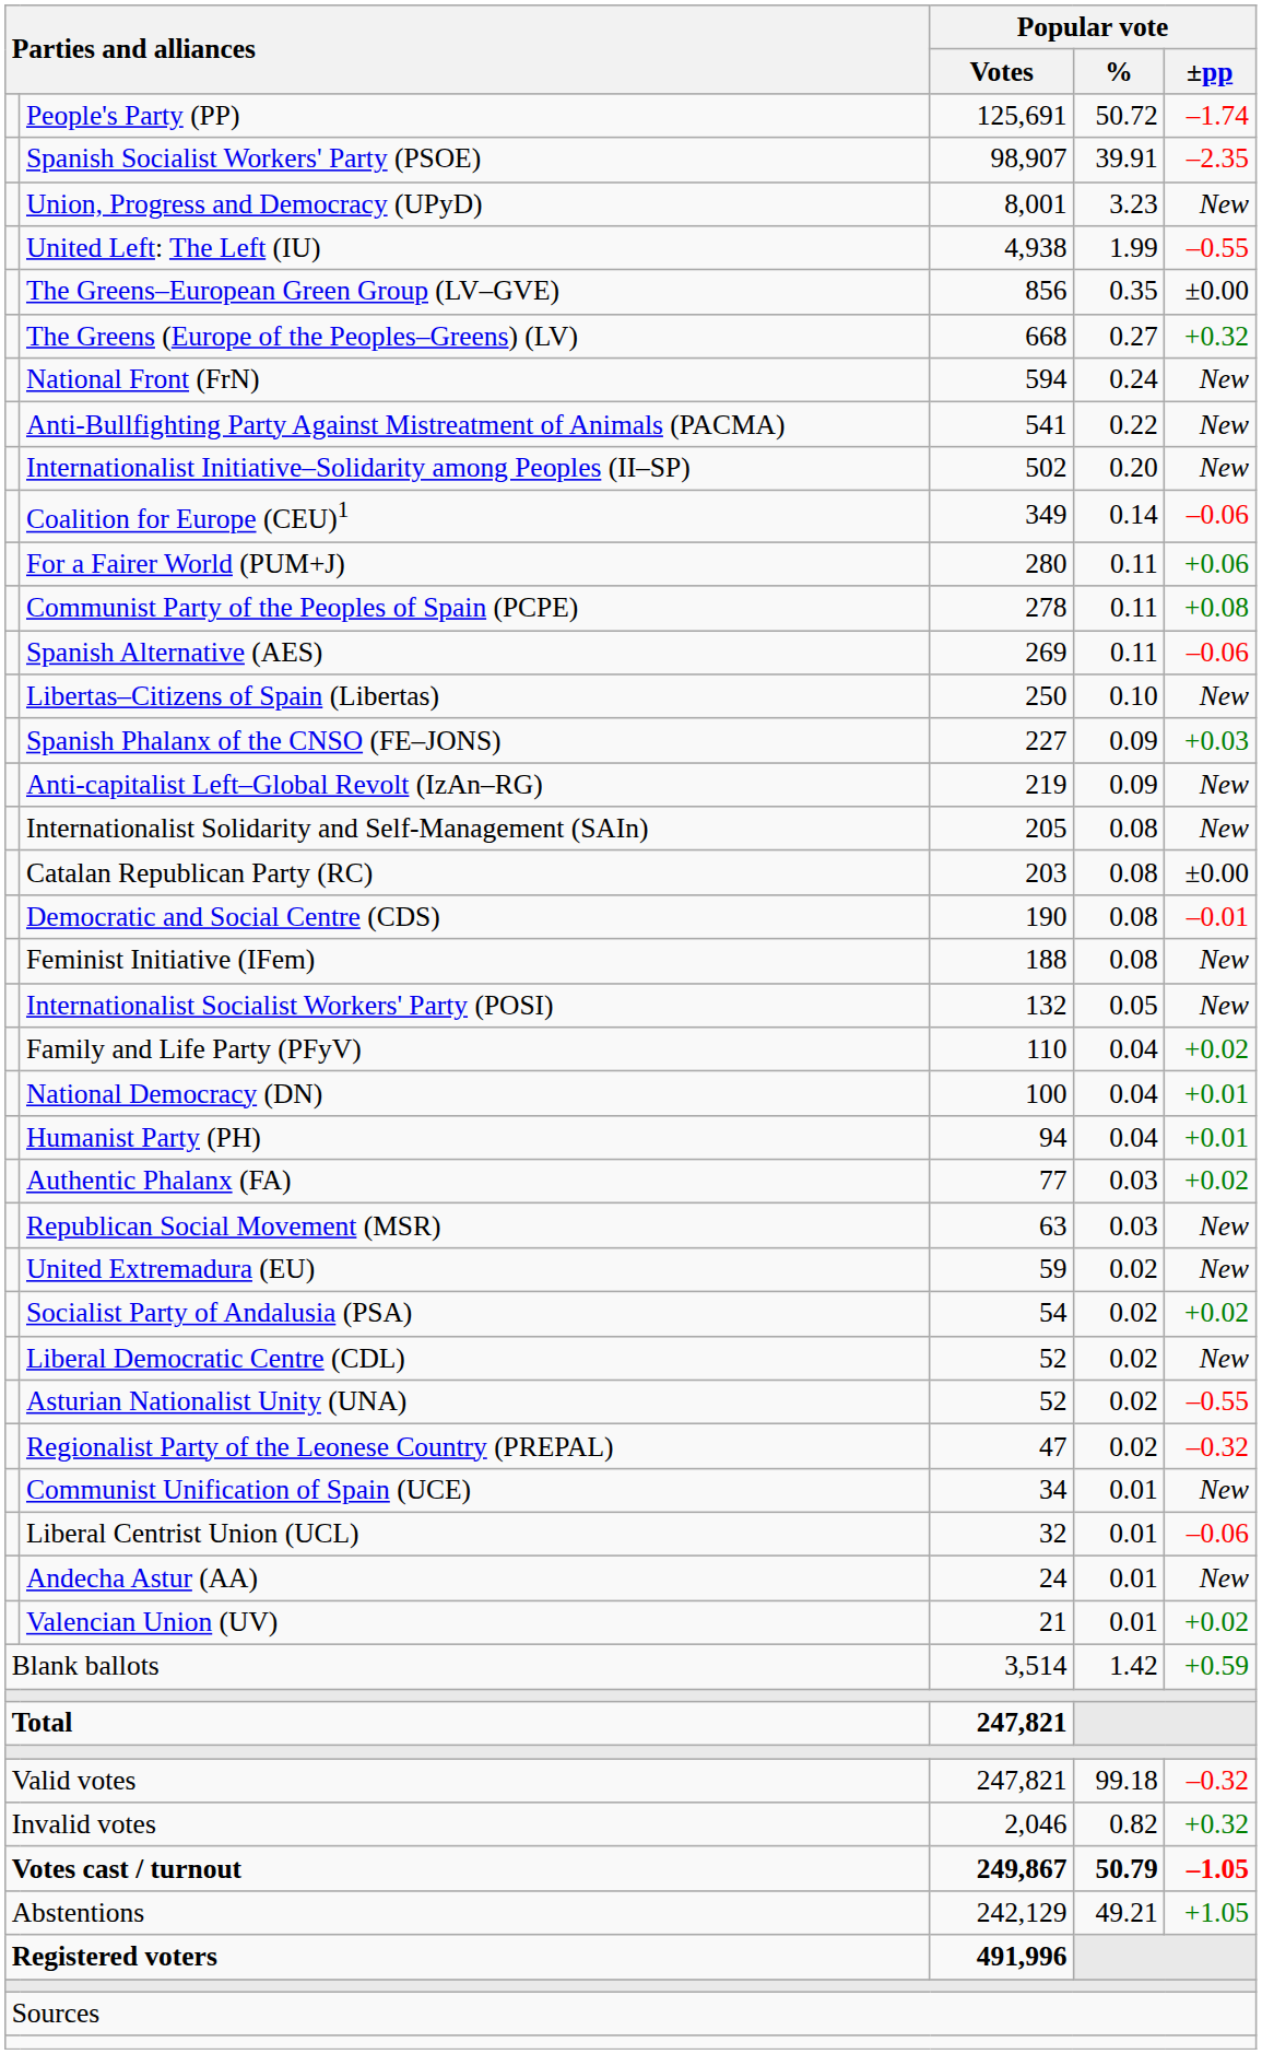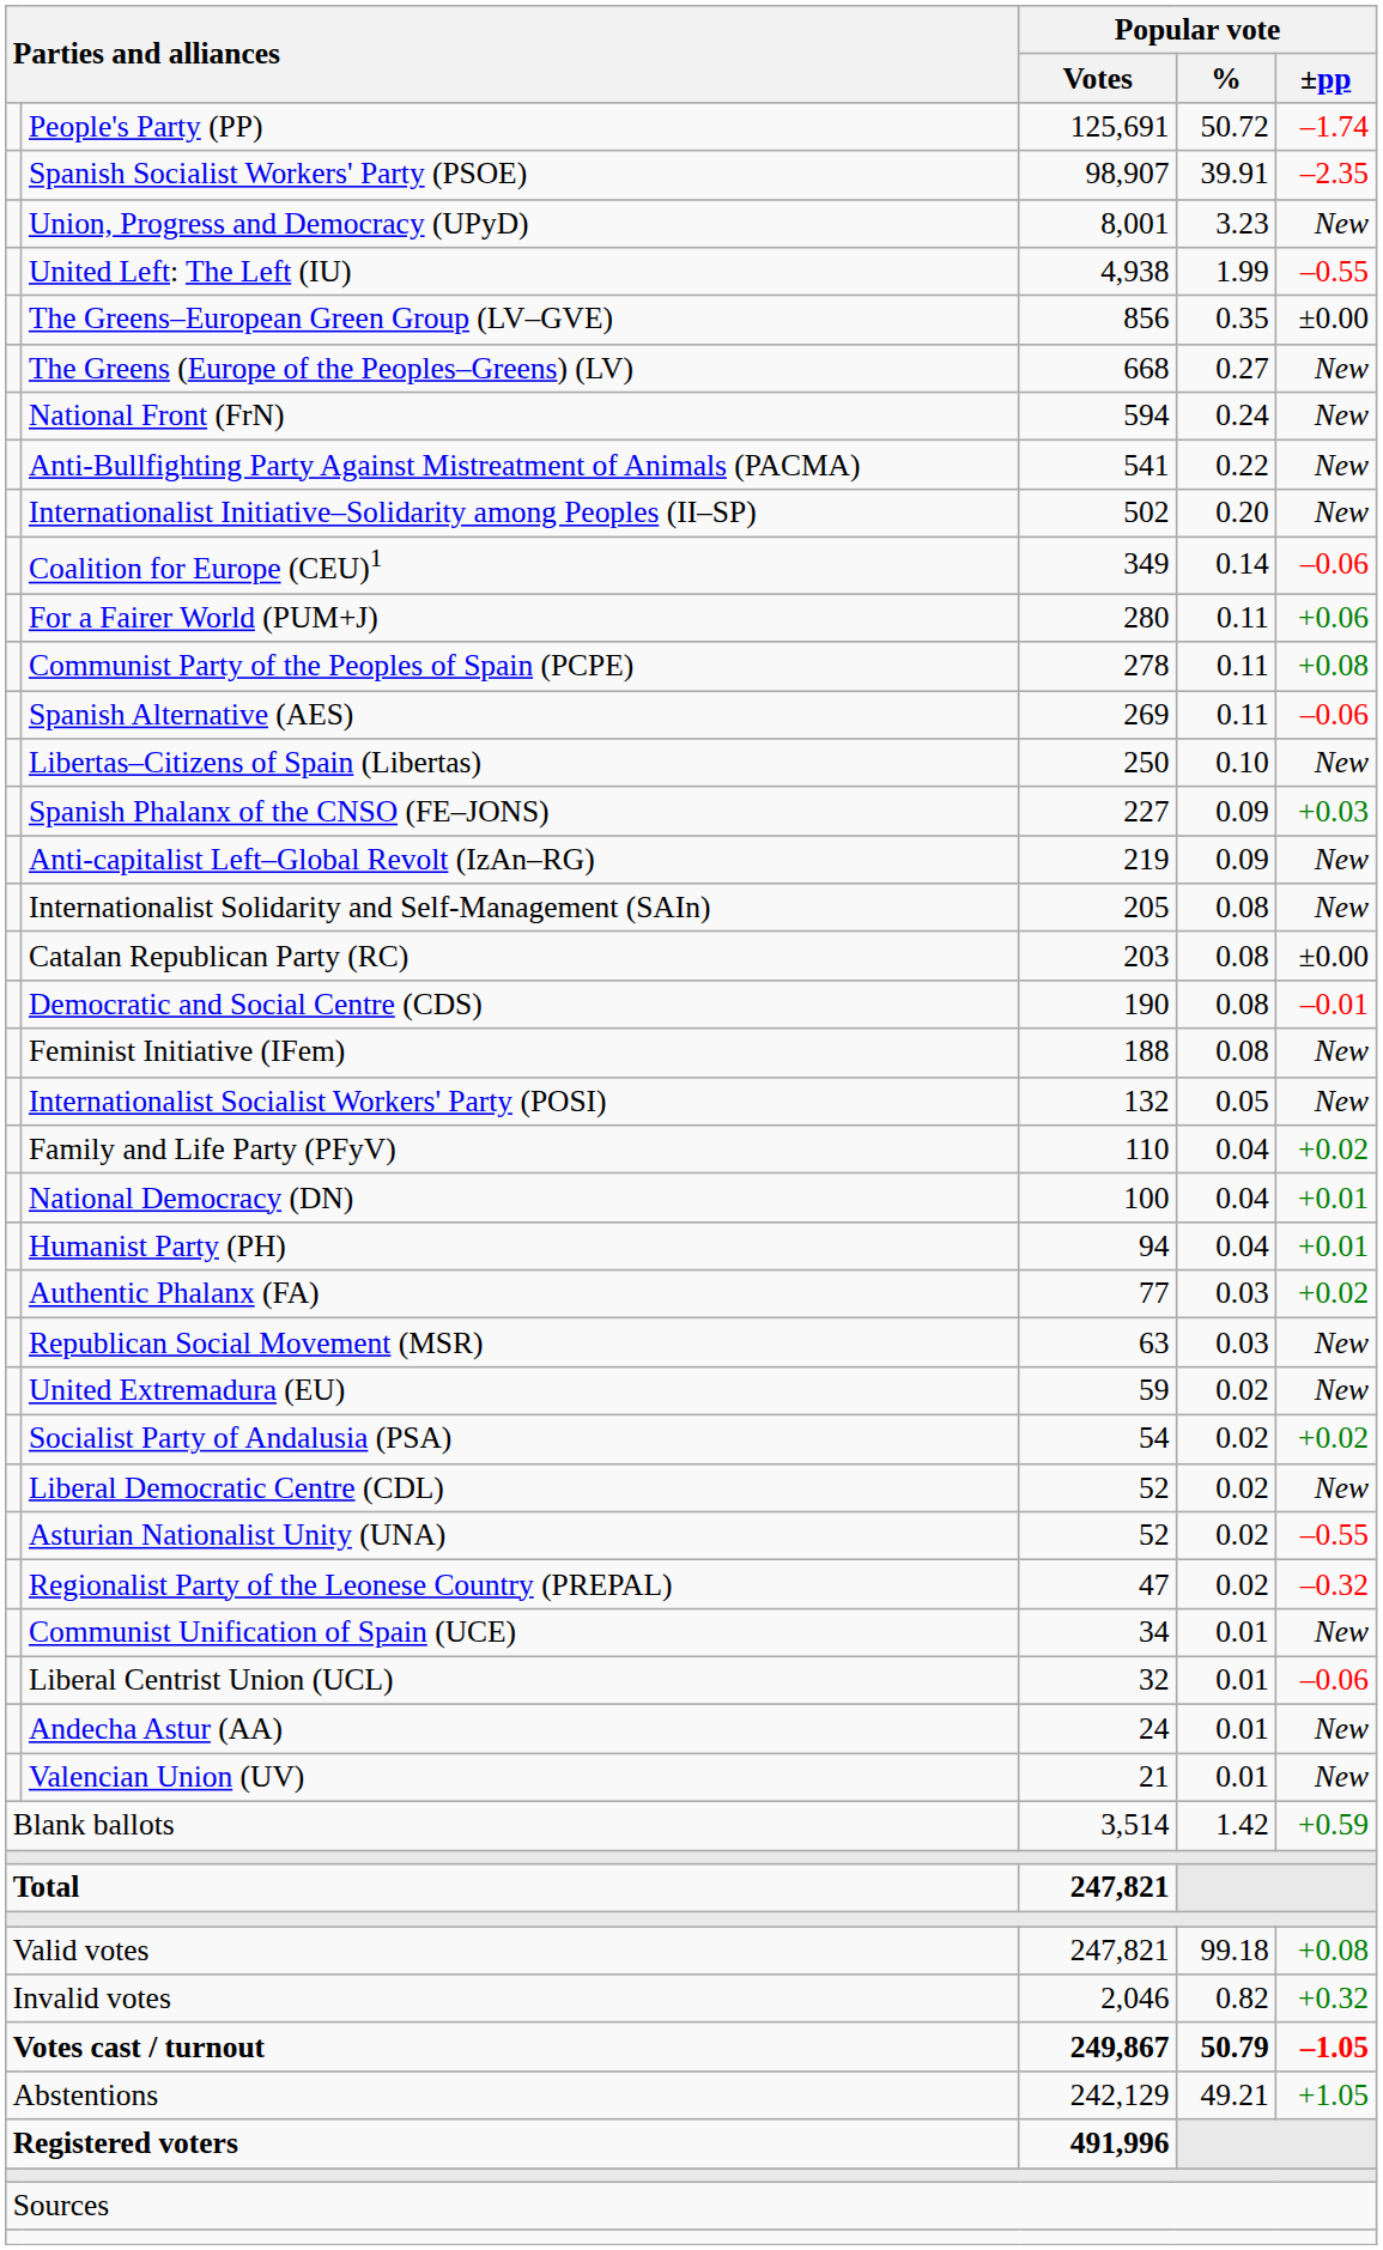 <table class="wikitable" style="text-align:right">
 <tr>
 <th style="text-align:left;" rowspan="2" colspan="2" width="525">Parties and alliances</th>
 <th colspan="3">Popular vote</th>
 </tr>
 <tr>
 <th width="75">Votes</th>
 <th width="45">%</th>
 <th width="45">±<a href='#'>pp</a></th>
 </tr>
 <tr>
 <td width="1" style="color:inherit;background:"></td>
 <td align="left"><a href='#'>People's Party</a> (PP)</td>
 <td>125,691</td>
 <td>50.72</td>
 <td style="color:red;">–1.74</td>
 </tr>
 <tr>
 <td style="color:inherit;background:"></td>
 <td align="left"><a href='#'>Spanish Socialist Workers' Party</a> (PSOE)</td>
 <td>98,907</td>
 <td>39.91</td>
 <td style="color:red;">–2.35</td>
 </tr>
 <tr>
 <td style="color:inherit;background:"></td>
 <td align="left"><a href='#'>Union, Progress and Democracy</a> (UPyD)</td>
 <td>8,001</td>
 <td>3.23</td>
 <td><em>New</em></td>
 </tr>
 <tr>
 <td style="color:inherit;background:"></td>
 <td align="left"><a href='#'>United Left</a>: <a href='#'>The Left</a> (IU)</td>
 <td>4,938</td>
 <td>1.99</td>
 <td style="color:red;">–0.55</td>
 </tr>
 <tr>
 <td style="color:inherit;background:"></td>
 <td align="left"><a href='#'>The Greens–European Green Group</a> (LV–GVE)</td>
 <td>856</td>
 <td>0.35</td>
 <td>±0.00</td>
 </tr>
 <tr>
 <td style="color:inherit;background:"></td>
 <td align="left"><a href='#'>The Greens</a> (<a href='#'>Europe of the Peoples–Greens</a>) (LV)</td>
 <td>668</td>
 <td>0.27</td>
-<td style="color:green;">+0.32</td>
+<td><em>New</em></td>
 </tr>
 <tr>
 <td style="color:inherit;background:"></td>
 <td align="left"><a href='#'>National Front</a> (FrN)</td>
 <td>594</td>
 <td>0.24</td>
 <td><em>New</em></td>
 </tr>
 <tr>
 <td style="color:inherit;background:"></td>
 <td align="left"><a href='#'>Anti-Bullfighting Party Against Mistreatment of Animals</a> (PACMA)</td>
 <td>541</td>
 <td>0.22</td>
 <td><em>New</em></td>
 </tr>
 <tr>
 <td style="color:inherit;background:"></td>
 <td align="left"><a href='#'>Internationalist Initiative–Solidarity among Peoples</a> (II–SP)</td>
 <td>502</td>
 <td>0.20</td>
 <td><em>New</em></td>
 </tr>
 <tr>
 <td style="color:inherit;background:"></td>
 <td align="left"><a href='#'>Coalition for Europe</a> (CEU)<sup>1</sup></td>
 <td>349</td>
 <td>0.14</td>
 <td style="color:red;">–0.06</td>
 </tr>
 <tr>
 <td style="color:inherit;background:"></td>
 <td align="left"><a href='#'>For a Fairer World</a> (PUM+J)</td>
 <td>280</td>
 <td>0.11</td>
 <td style="color:green;">+0.06</td>
 </tr>
 <tr>
 <td style="color:inherit;background:"></td>
 <td align="left"><a href='#'>Communist Party of the Peoples of Spain</a> (PCPE)</td>
 <td>278</td>
 <td>0.11</td>
 <td style="color:green;">+0.08</td>
 </tr>
 <tr>
 <td style="color:inherit;background:"></td>
 <td align="left"><a href='#'>Spanish Alternative</a> (AES)</td>
 <td>269</td>
 <td>0.11</td>
 <td style="color:red;">–0.06</td>
 </tr>
 <tr>
 <td style="color:inherit;background:"></td>
 <td align="left"><a href='#'>Libertas–Citizens of Spain</a> (Libertas)</td>
 <td>250</td>
 <td>0.10</td>
 <td><em>New</em></td>
 </tr>
 <tr>
 <td style="color:inherit;background:"></td>
 <td align="left"><a href='#'>Spanish Phalanx of the CNSO</a> (FE–JONS)</td>
 <td>227</td>
 <td>0.09</td>
 <td style="color:green;">+0.03</td>
 </tr>
 <tr>
 <td style="color:inherit;background:"></td>
 <td align="left"><a href='#'>Anti-capitalist Left–Global Revolt</a> (IzAn–RG)</td>
 <td>219</td>
 <td>0.09</td>
 <td><em>New</em></td>
 </tr>
 <tr>
 <td style="color:inherit;background:"></td>
 <td align="left">Internationalist Solidarity and Self-Management (SAIn)</td>
 <td>205</td>
 <td>0.08</td>
 <td><em>New</em></td>
 </tr>
 <tr>
 <td style="color:inherit;background:"></td>
 <td align="left">Catalan Republican Party (RC)</td>
 <td>203</td>
 <td>0.08</td>
 <td>±0.00</td>
 </tr>
 <tr>
 <td style="color:inherit;background:"></td>
 <td align="left"><a href='#'>Democratic and Social Centre</a> (CDS)</td>
 <td>190</td>
 <td>0.08</td>
 <td style="color:red;">–0.01</td>
 </tr>
 <tr>
 <td style="color:inherit;background:"></td>
 <td align="left">Feminist Initiative (IFem)</td>
 <td>188</td>
 <td>0.08</td>
 <td><em>New</em></td>
 </tr>
 <tr>
 <td style="color:inherit;background:"></td>
 <td align="left"><a href='#'>Internationalist Socialist Workers' Party</a> (POSI)</td>
 <td>132</td>
 <td>0.05</td>
 <td><em>New</em></td>
 </tr>
 <tr>
 <td style="color:inherit;background:"></td>
 <td align="left">Family and Life Party (PFyV)</td>
 <td>110</td>
 <td>0.04</td>
 <td style="color:green;">+0.02</td>
 </tr>
 <tr>
 <td style="color:inherit;background:"></td>
 <td align="left"><a href='#'>National Democracy</a> (DN)</td>
 <td>100</td>
 <td>0.04</td>
 <td style="color:green;">+0.01</td>
 </tr>
 <tr>
 <td style="color:inherit;background:"></td>
 <td align="left"><a href='#'>Humanist Party</a> (PH)</td>
 <td>94</td>
 <td>0.04</td>
 <td style="color:green;">+0.01</td>
 </tr>
 <tr>
 <td style="color:inherit;background:"></td>
 <td align="left"><a href='#'>Authentic Phalanx</a> (FA)</td>
 <td>77</td>
 <td>0.03</td>
 <td style="color:green;">+0.02</td>
 </tr>
 <tr>
 <td style="color:inherit;background:"></td>
 <td align="left"><a href='#'>Republican Social Movement</a> (MSR)</td>
 <td>63</td>
 <td>0.03</td>
 <td><em>New</em></td>
 </tr>
 <tr>
 <td style="color:inherit;background:"></td>
 <td align="left"><a href='#'>United Extremadura</a> (EU)</td>
 <td>59</td>
 <td>0.02</td>
 <td><em>New</em></td>
 </tr>
 <tr>
 <td style="color:inherit;background:"></td>
 <td align="left"><a href='#'>Socialist Party of Andalusia</a> (PSA)</td>
 <td>54</td>
 <td>0.02</td>
 <td style="color:green;">+0.02</td>
 </tr>
 <tr>
 <td style="color:inherit;background:"></td>
 <td align="left"><a href='#'>Liberal Democratic Centre</a> (CDL)</td>
 <td>52</td>
 <td>0.02</td>
 <td><em>New</em></td>
 </tr>
 <tr>
 <td style="color:inherit;background:"></td>
 <td align="left"><a href='#'>Asturian Nationalist Unity</a> (UNA)</td>
 <td>52</td>
 <td>0.02</td>
 <td style="color:red;">–0.55</td>
 </tr>
 <tr>
 <td style="color:inherit;background:"></td>
 <td align="left"><a href='#'>Regionalist Party of the Leonese Country</a> (PREPAL)</td>
 <td>47</td>
 <td>0.02</td>
 <td style="color:red;">–0.32</td>
 </tr>
 <tr>
 <td style="color:inherit;background:"></td>
 <td align="left"><a href='#'>Communist Unification of Spain</a> (UCE)</td>
 <td>34</td>
 <td>0.01</td>
 <td><em>New</em></td>
 </tr>
 <tr>
 <td style="color:inherit;background:"></td>
 <td align="left">Liberal Centrist Union (UCL)</td>
 <td>32</td>
 <td>0.01</td>
 <td style="color:red;">–0.06</td>
 </tr>
 <tr>
 <td style="color:inherit;background:"></td>
 <td align="left"><a href='#'>Andecha Astur</a> (AA)</td>
 <td>24</td>
 <td>0.01</td>
 <td><em>New</em></td>
 </tr>
 <tr>
 <td style="color:inherit;background:"></td>
 <td align="left"><a href='#'>Valencian Union</a> (UV)</td>
 <td>21</td>
 <td>0.01</td>
-<td style="color:green;">+0.02</td>
+<td><em>New</em></td>
 </tr>
 <tr>
 <td align="left" colspan="2">Blank ballots</td>
 <td>3,514</td>
 <td>1.42</td>
 <td style="color:green;">+0.59</td>
 </tr>
 <tr>
 <td colspan="5" bgcolor="#E9E9E9"></td>
 </tr>
 <tr style="font-weight:bold;">
 <td align="left" colspan="2">Total</td>
 <td>247,821</td>
 <td bgcolor="#E9E9E9" colspan="2"></td>
 </tr>
 <tr>
 <td colspan="5" bgcolor="#E9E9E9"></td>
 </tr>
 <tr>
 <td align="left" colspan="2">Valid votes</td>
 <td>247,821</td>
 <td>99.18</td>
-<td style="color:red;">–0.32</td>
+<td style="color:green;">+0.08</td>
 </tr>
 <tr>
 <td align="left" colspan="2">Invalid votes</td>
 <td>2,046</td>
 <td>0.82</td>
 <td style="color:green;">+0.32</td>
 </tr>
 <tr style="font-weight:bold;">
 <td align="left" colspan="2">Votes cast / turnout</td>
 <td>249,867</td>
 <td>50.79</td>
 <td style="color:red;">–1.05</td>
 </tr>
 <tr>
 <td align="left" colspan="2">Abstentions</td>
 <td>242,129</td>
 <td>49.21</td>
 <td style="color:green;">+1.05</td>
 </tr>
 <tr style="font-weight:bold;">
 <td align="left" colspan="2">Registered voters</td>
 <td>491,996</td>
 <td bgcolor="#E9E9E9" colspan="2"></td>
 </tr>
 <tr>
 <td colspan="5" bgcolor="#E9E9E9"></td>
 </tr>
 <tr>
 <td align="left" colspan="5">Sources</td>
 </tr>
 <tr>
 <td colspan="5" style="text-align:left; max-width:680px;"></td>
 </tr>
 </table>
